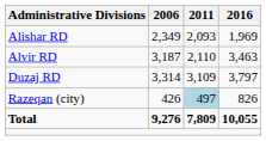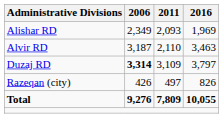 <table class="wikitable">
 <tr>
 <th>Administrative Divisions</th>
 <th>2006</th>
 <th>2011</th>
 <th>2016</th>
 </tr>
 <tr>
 <td><a href='#'>Alishar RD</a></td>
 <td style="text-align: right;">2,349</td>
 <td style="text-align: right;">2,093</td>
 <td style="text-align: right;">1,969</td>
 </tr>
 <tr>
 <td><a href='#'>Alvir RD</a></td>
 <td style="text-align: right;">3,187</td>
 <td style="text-align: right;">2,110</td>
 <td style="text-align: right;">3,463</td>
 </tr>
 <tr>
 <td><a href='#'>Duzaj RD</a></td>
-<td style="text-align: right;">3,314</td>
+<td style="text-align: right;"><strong>3,314</strong></td>
 <td style="text-align: right;">3,109</td>
 <td style="text-align: right;">3,797</td>
 </tr>
 <tr>
 <td><a href='#'>Razeqan</a> (city)</td>
 <td style="text-align: right;">426</td>
-<td style="background: lightblue; text-align: right;">497</td>
+<td style="text-align: right;">497</td>
 <td style="text-align: right;">826</td>
 </tr>
 <tr>
 <td><strong>Total</strong></td>
 <td style="text-align: right;"><strong>9,276</strong></td>
 <td style="text-align: right;"><strong>7,809</strong></td>
 <td style="text-align: right;"><strong>10,055</strong></td>
 </tr>
 <tr>
 <td colspan=4></td>
 </tr>
 </table>
